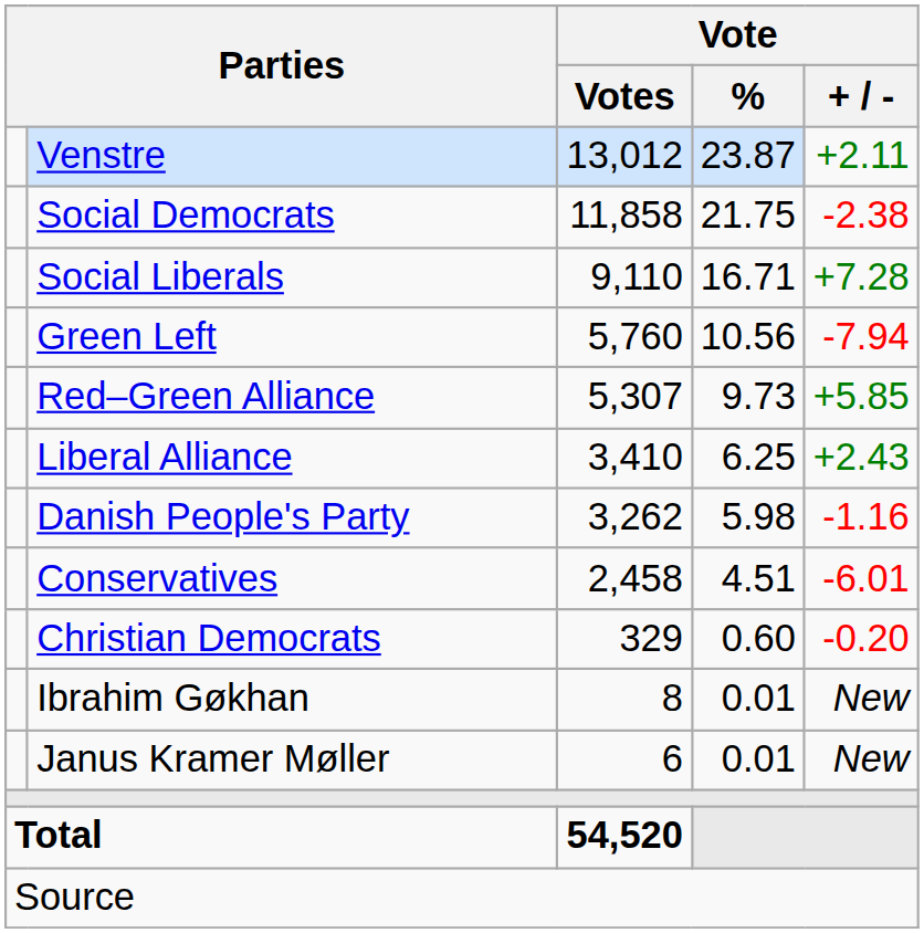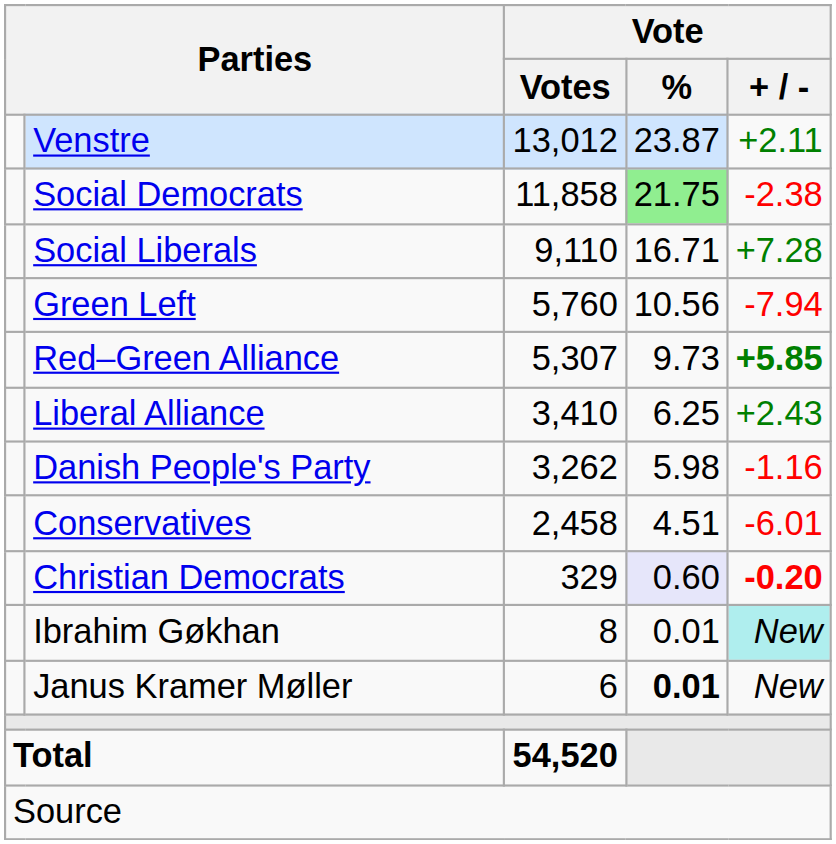 <table class="wikitable" style="text-align:right;">
 <tr>
 <th style="text-align:centre;" rowspan="2" colspan="2" width="225">Parties</th>
 <th colspan="3">Vote</th>
 </tr>
 <tr>
 <th width="15">Votes</th>
 <th width="15">%</th>
 <th width="15">+ / -</th>
 </tr>
 <tr>
 <td width="2" style="color:inherit;background:"></td>
 <td bgcolor=#cfe5fe  align="left"><a href='#'>Venstre</a></td>
 <td bgcolor=#cfe5fe>13,012</td>
 <td bgcolor=#cfe5fe>23.87</td>
 <td style=color:green;>+2.11</td>
 </tr>
 <tr>
 <td width="2" style="color:inherit;background:"></td>
 <td align="left"><a href='#'>Social Democrats</a></td>
 <td>11,858</td>
-<td>21.75</td>
+<td style="background: lightgreen;">21.75</td>
 <td style=color:red;>-2.38</td>
 </tr>
 <tr>
 <td width="2" style="color:inherit;background:"></td>
 <td align="left"><a href='#'>Social Liberals</a></td>
 <td>9,110</td>
 <td>16.71</td>
 <td style=color:green;>+7.28</td>
 </tr>
 <tr>
 <td width="2" style="color:inherit;background:"></td>
 <td align="left"><a href='#'>Green Left</a></td>
 <td>5,760</td>
 <td>10.56</td>
 <td style=color:red;>-7.94</td>
 </tr>
 <tr>
 <td width="2" style="color:inherit;background:"></td>
 <td align="left"><a href='#'>Red–Green Alliance</a></td>
 <td>5,307</td>
 <td>9.73</td>
-<td style=color:green;>+5.85</td>
+<td style=color:green;><strong>+5.85</strong></td>
 </tr>
 <tr>
 <td width="2" style="color:inherit;background:"></td>
 <td align="left"><a href='#'>Liberal Alliance</a></td>
 <td>3,410</td>
 <td>6.25</td>
 <td style=color:green;>+2.43</td>
 </tr>
 <tr>
 <td width="2" style="color:inherit;background:"></td>
 <td align="left"><a href='#'>Danish People's Party</a></td>
 <td>3,262</td>
 <td>5.98</td>
 <td style=color:red;>-1.16</td>
 </tr>
 <tr>
 <td width="2" style="color:inherit;background:"></td>
 <td align="left"><a href='#'>Conservatives</a></td>
 <td>2,458</td>
 <td>4.51</td>
 <td style=color:red;>-6.01</td>
 </tr>
 <tr>
 <td width="2" style="color:inherit;background:"></td>
 <td align="left"><a href='#'>Christian Democrats</a></td>
 <td>329</td>
-<td>0.60</td>
-<td style=color:red;>-0.20</td>
+<td style="background: lavender;">0.60</td>
+<td style=color:red;><strong>-0.20</strong></td>
 </tr>
 <tr>
 <td width="2" style="color:inherit;background:"></td>
 <td align="left">Ibrahim Gøkhan</td>
 <td>8</td>
 <td>0.01</td>
-<td><em>New</em></td>
+<td style="background: paleturquoise;"><em>New</em></td>
 </tr>
 <tr>
 <td width="2" style="color:inherit;background:"></td>
 <td align="left">Janus Kramer Møller</td>
 <td>6</td>
-<td>0.01</td>
+<td><strong>0.01</strong></td>
 <td><em>New</em></td>
 </tr>
 <tr>
 <td colspan="7" bgcolor="#E9E9E9"></td>
 </tr>
 <tr>
 <td align="left" colspan="2"><strong>Total</strong></td>
 <td><strong>54,520</strong></td>
 <td bgcolor="#E9E9E9" colspan="2"></td>
 </tr>
 <tr>
 <td align="left" colspan="6">Source</td>
 </tr>
 </table>
